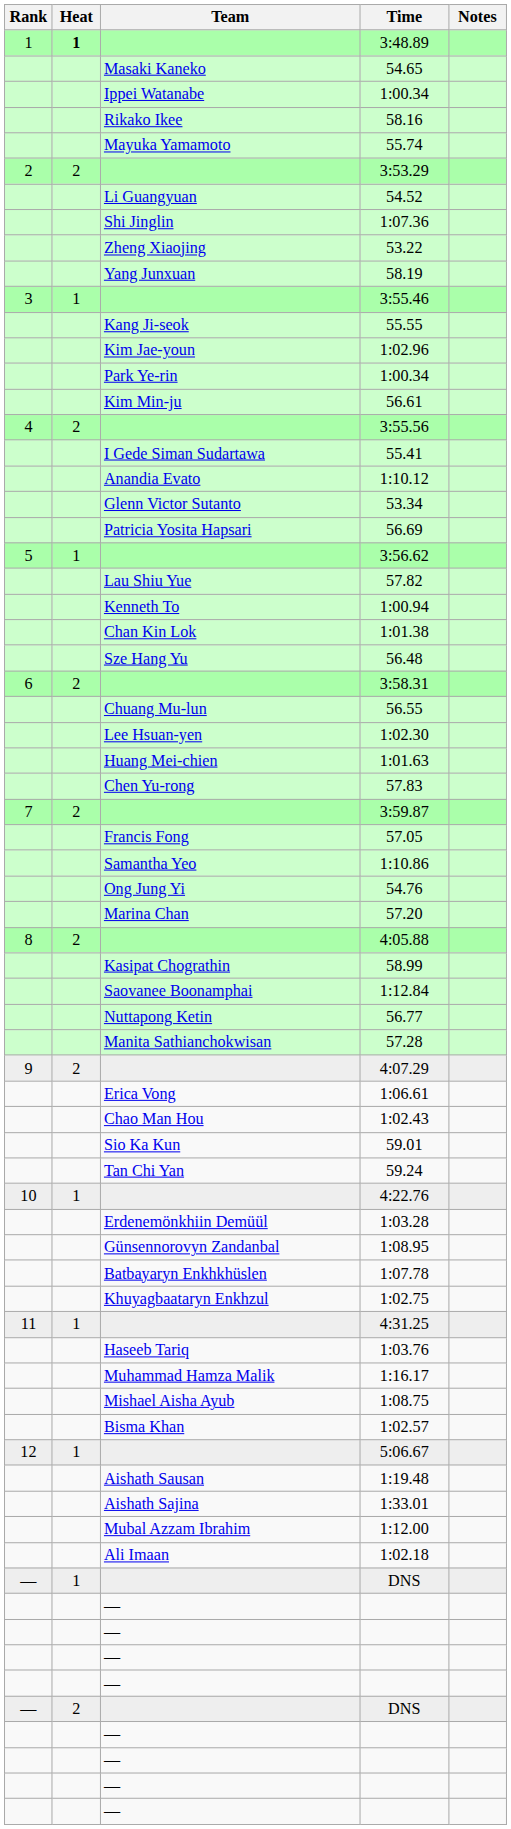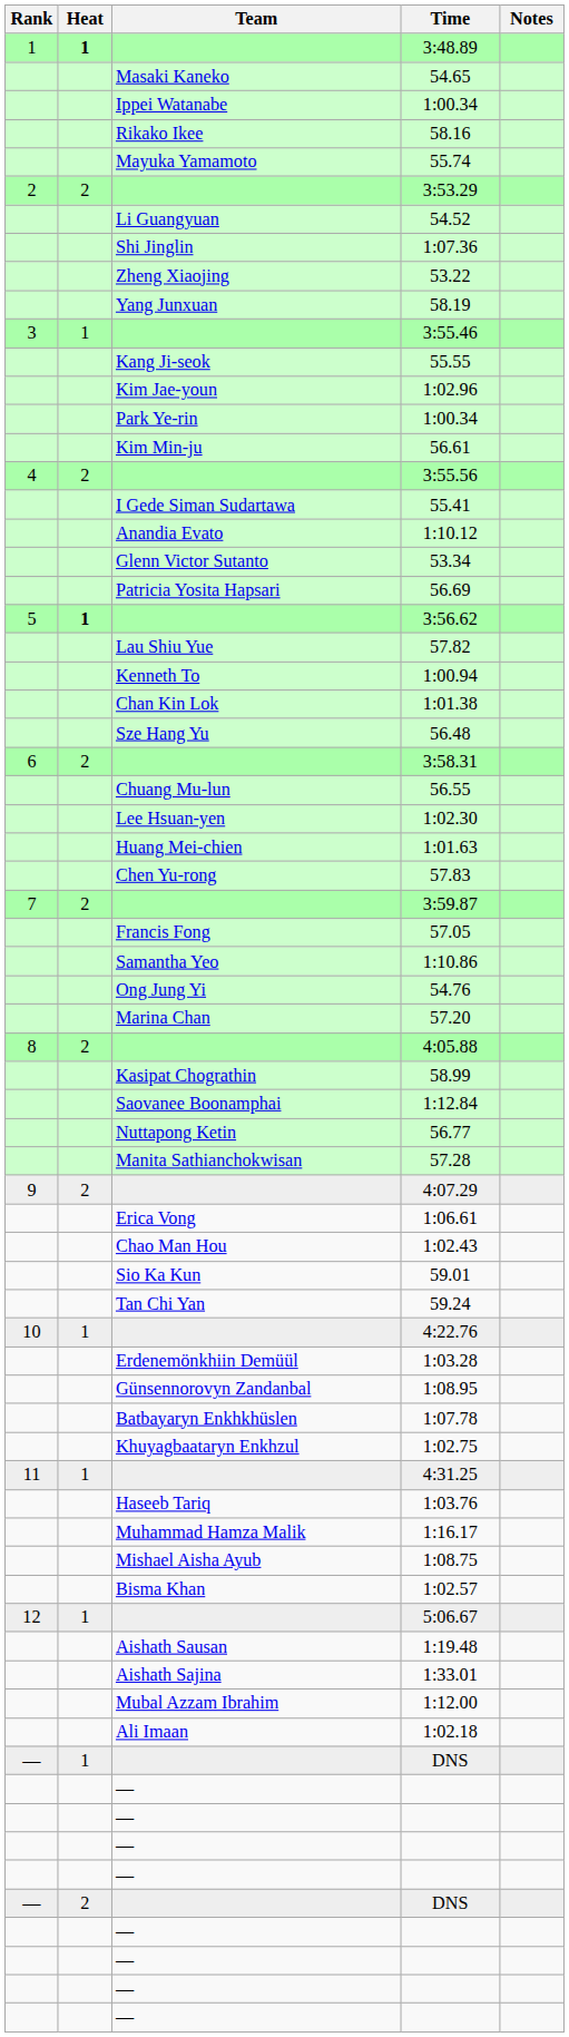 <table class="wikitable" style="text-align:center">
 <tr>
 <th width=40>Rank</th>
 <th width=40>Heat</th>
 <th width=250>Team</th>
 <th width=80>Time</th>
 <th width=50>Notes</th>
 </tr>
 <tr bgcolor="aaffaa">
 <td>1</td>
 <td><strong>1</strong></td>
 <td align=left></td>
 <td>3:48.89</td>
 <td></td>
 </tr>
 <tr bgcolor="ccffcc">
 <td></td>
 <td></td>
 <td align=left><a href='#'>Masaki Kaneko</a></td>
 <td>54.65</td>
 <td></td>
 </tr>
 <tr bgcolor="ccffcc">
 <td></td>
 <td></td>
 <td align=left><a href='#'>Ippei Watanabe</a></td>
 <td>1:00.34</td>
 <td></td>
 </tr>
 <tr bgcolor="ccffcc">
 <td></td>
 <td></td>
 <td align=left><a href='#'>Rikako Ikee</a></td>
 <td>58.16</td>
 <td></td>
 </tr>
 <tr bgcolor="ccffcc">
 <td></td>
 <td></td>
 <td align=left><a href='#'>Mayuka Yamamoto</a></td>
 <td>55.74</td>
 <td></td>
 </tr>
 <tr bgcolor="aaffaa">
 <td>2</td>
 <td>2</td>
 <td align=left></td>
 <td>3:53.29</td>
 <td></td>
 </tr>
 <tr bgcolor="ccffcc">
 <td></td>
 <td></td>
 <td align=left><a href='#'>Li Guangyuan</a></td>
 <td>54.52</td>
 <td></td>
 </tr>
 <tr bgcolor="ccffcc">
 <td></td>
 <td></td>
 <td align=left><a href='#'>Shi Jinglin</a></td>
 <td>1:07.36</td>
 <td></td>
 </tr>
 <tr bgcolor="ccffcc">
 <td></td>
 <td></td>
 <td align=left><a href='#'>Zheng Xiaojing</a></td>
 <td>53.22</td>
 <td></td>
 </tr>
 <tr bgcolor="ccffcc">
 <td></td>
 <td></td>
 <td align=left><a href='#'>Yang Junxuan</a></td>
 <td>58.19</td>
 <td></td>
 </tr>
 <tr bgcolor="aaffaa">
 <td>3</td>
 <td>1</td>
 <td align=left></td>
 <td>3:55.46</td>
 <td></td>
 </tr>
 <tr bgcolor="ccffcc">
 <td></td>
 <td></td>
 <td align=left><a href='#'>Kang Ji-seok</a></td>
 <td>55.55</td>
 <td></td>
 </tr>
 <tr bgcolor="ccffcc">
 <td></td>
 <td></td>
 <td align=left><a href='#'>Kim Jae-youn</a></td>
 <td>1:02.96</td>
 <td></td>
 </tr>
 <tr bgcolor="ccffcc">
 <td></td>
 <td></td>
 <td align=left><a href='#'>Park Ye-rin</a></td>
 <td>1:00.34</td>
 <td></td>
 </tr>
 <tr bgcolor="ccffcc">
 <td></td>
 <td></td>
 <td align=left><a href='#'>Kim Min-ju</a></td>
 <td>56.61</td>
 <td></td>
 </tr>
 <tr bgcolor="aaffaa">
 <td>4</td>
 <td>2</td>
 <td align=left></td>
 <td>3:55.56</td>
 <td></td>
 </tr>
 <tr bgcolor="ccffcc">
 <td></td>
 <td></td>
 <td align=left><a href='#'>I Gede Siman Sudartawa</a></td>
 <td>55.41</td>
 <td></td>
 </tr>
 <tr bgcolor="ccffcc">
 <td></td>
 <td></td>
 <td align=left><a href='#'>Anandia Evato</a></td>
 <td>1:10.12</td>
 <td></td>
 </tr>
 <tr bgcolor="ccffcc">
 <td></td>
 <td></td>
 <td align=left><a href='#'>Glenn Victor Sutanto</a></td>
 <td>53.34</td>
 <td></td>
 </tr>
 <tr bgcolor="ccffcc">
 <td></td>
 <td></td>
 <td align=left><a href='#'>Patricia Yosita Hapsari</a></td>
 <td>56.69</td>
 <td></td>
 </tr>
 <tr bgcolor="aaffaa">
 <td>5</td>
-<td>1</td>
+<td><strong>1</strong></td>
 <td align=left></td>
 <td>3:56.62</td>
 <td></td>
 </tr>
 <tr bgcolor="ccffcc">
 <td></td>
 <td></td>
 <td align=left><a href='#'>Lau Shiu Yue</a></td>
 <td>57.82</td>
 <td></td>
 </tr>
 <tr bgcolor="ccffcc">
 <td></td>
 <td></td>
 <td align=left><a href='#'>Kenneth To</a></td>
 <td>1:00.94</td>
 <td></td>
 </tr>
 <tr bgcolor="ccffcc">
 <td></td>
 <td></td>
 <td align=left><a href='#'>Chan Kin Lok</a></td>
 <td>1:01.38</td>
 <td></td>
 </tr>
 <tr bgcolor="ccffcc">
 <td></td>
 <td></td>
 <td align=left><a href='#'>Sze Hang Yu</a></td>
 <td>56.48</td>
 <td></td>
 </tr>
 <tr bgcolor="aaffaa">
 <td>6</td>
 <td>2</td>
 <td align=left></td>
 <td>3:58.31</td>
 <td></td>
 </tr>
 <tr bgcolor="ccffcc">
 <td></td>
 <td></td>
 <td align=left><a href='#'>Chuang Mu-lun</a></td>
 <td>56.55</td>
 <td></td>
 </tr>
 <tr bgcolor="ccffcc">
 <td></td>
 <td></td>
 <td align=left><a href='#'>Lee Hsuan-yen</a></td>
 <td>1:02.30</td>
 <td></td>
 </tr>
 <tr bgcolor="ccffcc">
 <td></td>
 <td></td>
 <td align=left><a href='#'>Huang Mei-chien</a></td>
 <td>1:01.63</td>
 <td></td>
 </tr>
 <tr bgcolor="ccffcc">
 <td></td>
 <td></td>
 <td align=left><a href='#'>Chen Yu-rong</a></td>
 <td>57.83</td>
 <td></td>
 </tr>
 <tr bgcolor="aaffaa">
 <td>7</td>
 <td>2</td>
 <td align=left></td>
 <td>3:59.87</td>
 <td></td>
 </tr>
 <tr bgcolor="ccffcc">
 <td></td>
 <td></td>
 <td align=left><a href='#'>Francis Fong</a></td>
 <td>57.05</td>
 <td></td>
 </tr>
 <tr bgcolor="ccffcc">
 <td></td>
 <td></td>
 <td align=left><a href='#'>Samantha Yeo</a></td>
 <td>1:10.86</td>
 <td></td>
 </tr>
 <tr bgcolor="ccffcc">
 <td></td>
 <td></td>
 <td align=left><a href='#'>Ong Jung Yi</a></td>
 <td>54.76</td>
 <td></td>
 </tr>
 <tr bgcolor="ccffcc">
 <td></td>
 <td></td>
 <td align=left><a href='#'>Marina Chan</a></td>
 <td>57.20</td>
 <td></td>
 </tr>
 <tr bgcolor="aaffaa">
 <td>8</td>
 <td>2</td>
 <td align=left></td>
 <td>4:05.88</td>
 <td></td>
 </tr>
 <tr bgcolor="ccffcc">
 <td></td>
 <td></td>
 <td align=left><a href='#'>Kasipat Chograthin</a></td>
 <td>58.99</td>
 <td></td>
 </tr>
 <tr bgcolor="ccffcc">
 <td></td>
 <td></td>
 <td align=left><a href='#'>Saovanee Boonamphai</a></td>
 <td>1:12.84</td>
 <td></td>
 </tr>
 <tr bgcolor="ccffcc">
 <td></td>
 <td></td>
 <td align=left><a href='#'>Nuttapong Ketin</a></td>
 <td>56.77</td>
 <td></td>
 </tr>
 <tr bgcolor="ccffcc">
 <td></td>
 <td></td>
 <td align=left><a href='#'>Manita Sathianchokwisan</a></td>
 <td>57.28</td>
 <td></td>
 </tr>
 <tr bgcolor=eeeeee>
 <td>9</td>
 <td>2</td>
 <td align=left></td>
 <td>4:07.29</td>
 <td></td>
 </tr>
 <tr>
 <td></td>
 <td></td>
 <td align=left><a href='#'>Erica Vong</a></td>
 <td>1:06.61</td>
 <td></td>
 </tr>
 <tr>
 <td></td>
 <td></td>
 <td align=left><a href='#'>Chao Man Hou</a></td>
 <td>1:02.43</td>
 <td></td>
 </tr>
 <tr>
 <td></td>
 <td></td>
 <td align=left><a href='#'>Sio Ka Kun</a></td>
 <td>59.01</td>
 <td></td>
 </tr>
 <tr>
 <td></td>
 <td></td>
 <td align=left><a href='#'>Tan Chi Yan</a></td>
 <td>59.24</td>
 <td></td>
 </tr>
 <tr bgcolor=eeeeee>
 <td>10</td>
 <td>1</td>
 <td align=left></td>
 <td>4:22.76</td>
 <td></td>
 </tr>
 <tr>
 <td></td>
 <td></td>
 <td align=left><a href='#'>Erdenemönkhiin Demüül</a></td>
 <td>1:03.28</td>
 <td></td>
 </tr>
 <tr>
 <td></td>
 <td></td>
 <td align=left><a href='#'>Günsennorovyn Zandanbal</a></td>
 <td>1:08.95</td>
 <td></td>
 </tr>
 <tr>
 <td></td>
 <td></td>
 <td align=left><a href='#'>Batbayaryn Enkhkhüslen</a></td>
 <td>1:07.78</td>
 <td></td>
 </tr>
 <tr>
 <td></td>
 <td></td>
 <td align=left><a href='#'>Khuyagbaataryn Enkhzul</a></td>
 <td>1:02.75</td>
 <td></td>
 </tr>
 <tr bgcolor=eeeeee>
 <td>11</td>
 <td>1</td>
 <td align=left></td>
 <td>4:31.25</td>
 <td></td>
 </tr>
 <tr>
 <td></td>
 <td></td>
 <td align=left><a href='#'>Haseeb Tariq</a></td>
 <td>1:03.76</td>
 <td></td>
 </tr>
 <tr>
 <td></td>
 <td></td>
 <td align=left><a href='#'>Muhammad Hamza Malik</a></td>
 <td>1:16.17</td>
 <td></td>
 </tr>
 <tr>
 <td></td>
 <td></td>
 <td align=left><a href='#'>Mishael Aisha Ayub</a></td>
 <td>1:08.75</td>
 <td></td>
 </tr>
 <tr>
 <td></td>
 <td></td>
 <td align=left><a href='#'>Bisma Khan</a></td>
 <td>1:02.57</td>
 <td></td>
 </tr>
 <tr bgcolor=eeeeee>
 <td>12</td>
 <td>1</td>
 <td align=left></td>
 <td>5:06.67</td>
 <td></td>
 </tr>
 <tr>
 <td></td>
 <td></td>
 <td align=left><a href='#'>Aishath Sausan</a></td>
 <td>1:19.48</td>
 <td></td>
 </tr>
 <tr>
 <td></td>
 <td></td>
 <td align=left><a href='#'>Aishath Sajina</a></td>
 <td>1:33.01</td>
 <td></td>
 </tr>
 <tr>
 <td></td>
 <td></td>
 <td align=left><a href='#'>Mubal Azzam Ibrahim</a></td>
 <td>1:12.00</td>
 <td></td>
 </tr>
 <tr>
 <td></td>
 <td></td>
 <td align=left><a href='#'>Ali Imaan</a></td>
 <td>1:02.18</td>
 <td></td>
 </tr>
 <tr bgcolor=eeeeee>
 <td>—</td>
 <td>1</td>
 <td align=left></td>
 <td>DNS</td>
 <td></td>
 </tr>
 <tr>
 <td></td>
 <td></td>
 <td align=left>—</td>
 <td></td>
 <td></td>
 </tr>
 <tr>
 <td></td>
 <td></td>
 <td align=left>—</td>
 <td></td>
 <td></td>
 </tr>
 <tr>
 <td></td>
 <td></td>
 <td align=left>—</td>
 <td></td>
 <td></td>
 </tr>
 <tr>
 <td></td>
 <td></td>
 <td align=left>—</td>
 <td></td>
 <td></td>
 </tr>
 <tr bgcolor=eeeeee>
 <td>—</td>
 <td>2</td>
 <td align=left></td>
 <td>DNS</td>
 <td></td>
 </tr>
 <tr>
 <td></td>
 <td></td>
 <td align=left>—</td>
 <td></td>
 <td></td>
 </tr>
 <tr>
 <td></td>
 <td></td>
 <td align=left>—</td>
 <td></td>
 <td></td>
 </tr>
 <tr>
 <td></td>
 <td></td>
 <td align=left>—</td>
 <td></td>
 <td></td>
 </tr>
 <tr>
 <td></td>
 <td></td>
 <td align=left>—</td>
 <td></td>
 <td></td>
 </tr>
 </table>
